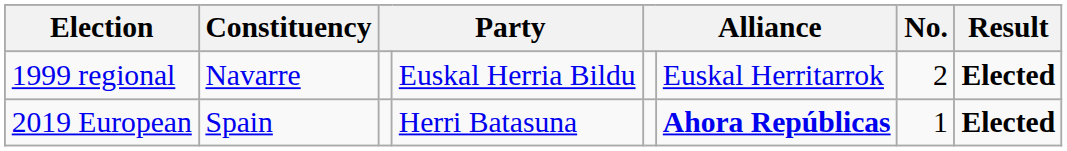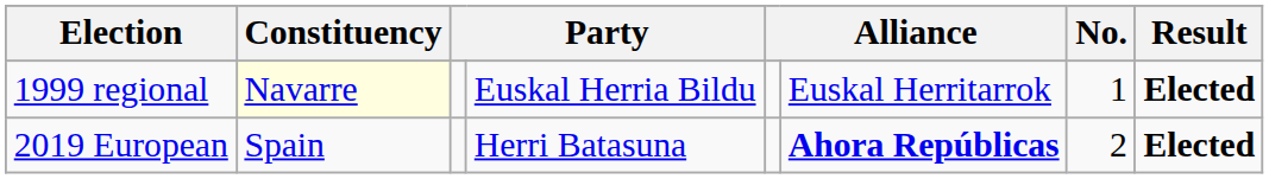 <table class="wikitable" style="text-align:left;">
 <tr>
 <th scope=col>Election</th>
 <th scope=col>Constituency</th>
 <th scope=col colspan="2">Party</th>
 <th scope=col colspan="2">Alliance</th>
 <th scope=col>No.</th>
 <th scope=col>Result</th>
 </tr>
 <tr>
 <td><a href='#'>1999 regional</a></td>
-<td><a href='#'>Navarre</a></td>
+<td style="background: lightyellow;"><a href='#'>Navarre</a></td>
 <td style="background:"></td>
 <td><a href='#'>Euskal Herria Bildu</a></td>
 <td style="background:"></td>
 <td><a href='#'>Euskal Herritarrok</a></td>
-<td align=right>2</td>
+<td align=right>1</td>
 <td><strong>Elected</strong></td>
 </tr>
 <tr>
 <td><a href='#'>2019 European</a></td>
 <td><a href='#'>Spain</a></td>
 <td style="background:"></td>
 <td><a href='#'>Herri Batasuna</a></td>
 <td style="background:"></td>
 <td><strong><a href='#'>Ahora Repúblicas</a></strong></td>
-<td align=right>1</td>
+<td align=right>2</td>
 <td><strong>Elected</strong></td>
 </tr>
 </table>
